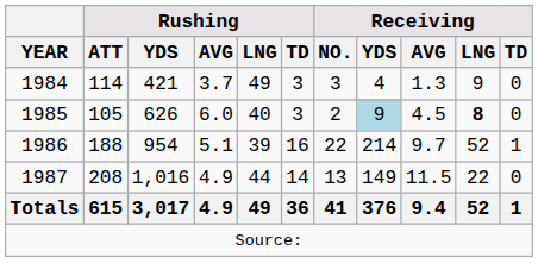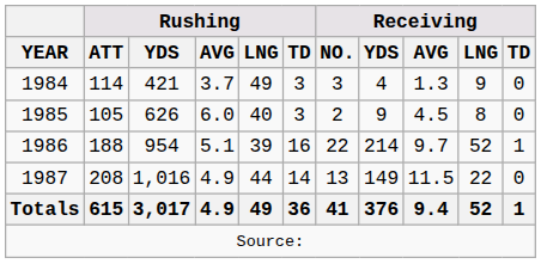 <table class=wikitable style="text-align:center">
 <tr>
 <th></th>
 <th colspan="5" style="background:#e7e3e7;">Rushing</th>
 <th colspan="5" style="background:#e7e3e7;">Receiving</th>
 </tr>
 <tr>
 <th>YEAR</th>
 <th>ATT</th>
 <th>YDS</th>
 <th>AVG</th>
 <th>LNG</th>
 <th>TD</th>
 <th>NO.</th>
 <th>YDS</th>
 <th>AVG</th>
 <th>LNG</th>
 <th>TD</th>
 </tr>
 <tr>
 <td>1984</td>
 <td>114</td>
 <td>421</td>
 <td>3.7</td>
 <td>49</td>
 <td>3</td>
 <td>3</td>
 <td>4</td>
 <td>1.3</td>
 <td>9</td>
 <td>0</td>
 </tr>
 <tr>
 <td>1985</td>
 <td>105</td>
 <td>626</td>
 <td>6.0</td>
 <td>40</td>
 <td>3</td>
 <td>2</td>
-<td style="background: lightblue;">9</td>
+<td>9</td>
 <td>4.5</td>
-<td><strong>8</strong></td>
+<td>8</td>
 <td>0</td>
 </tr>
 <tr>
 <td>1986</td>
 <td>188</td>
 <td>954</td>
 <td>5.1</td>
 <td>39</td>
 <td>16</td>
 <td>22</td>
 <td>214</td>
 <td>9.7</td>
 <td>52</td>
 <td>1</td>
 </tr>
 <tr>
 <td>1987</td>
 <td>208</td>
 <td>1,016</td>
 <td>4.9</td>
 <td>44</td>
 <td>14</td>
 <td>13</td>
 <td>149</td>
 <td>11.5</td>
 <td>22</td>
 <td>0</td>
 </tr>
 <tr>
 <th>Totals</th>
 <th>615</th>
 <th>3,017</th>
 <th>4.9</th>
 <th>49</th>
 <th>36</th>
 <th>41</th>
 <th>376</th>
 <th>9.4</th>
 <th>52</th>
 <th>1</th>
 </tr>
 <tr>
 <td colspan="11" style="text-align: center;"><small>Source:</small></td>
 </tr>
 </table>
